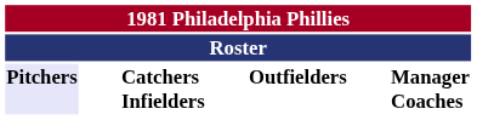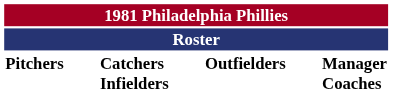 <table class="toccolours" style="font-size: 95%;">
 <tr>
 <th colspan="10" style="background-color: #A50024; color: #FFFFFF; text-align: center;">1981 Philadelphia Phillies</th>
 </tr>
 <tr>
 <td colspan="10" style="background-color: #263473; color: white; text-align: center;"><strong>Roster</strong></td>
 </tr>
 <tr>
-<td valign="top" style="background: lavender;"><strong>Pitchers</strong><br>             </td>
+<td valign="top"><strong>Pitchers</strong><br>             </td>
 <td width = "25px"></td>
 <td valign="top"><strong>Catchers</strong><br>    <strong>Infielders</strong>          </td>
 <td width = "25px"></td>
 <td valign="top"><strong>Outfielders</strong><br>       </td>
 <td width = "25px"></td>
 <td valign="top"><strong>Manager</strong><br> <strong>Coaches</strong>      </td>
 </tr>
 <tr>
 </tr>
 </table>
